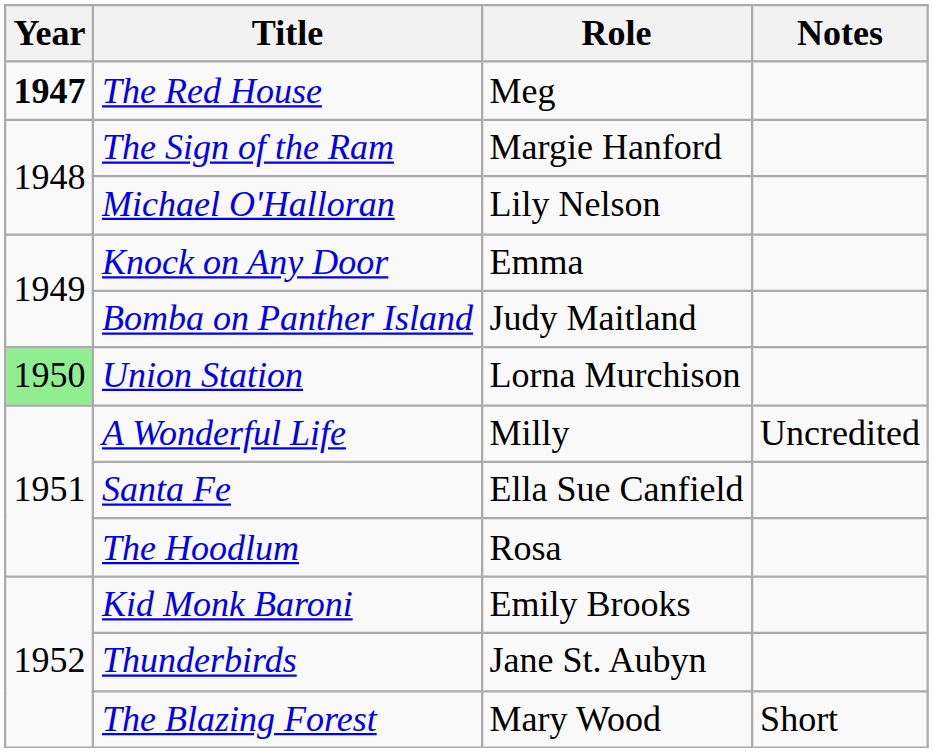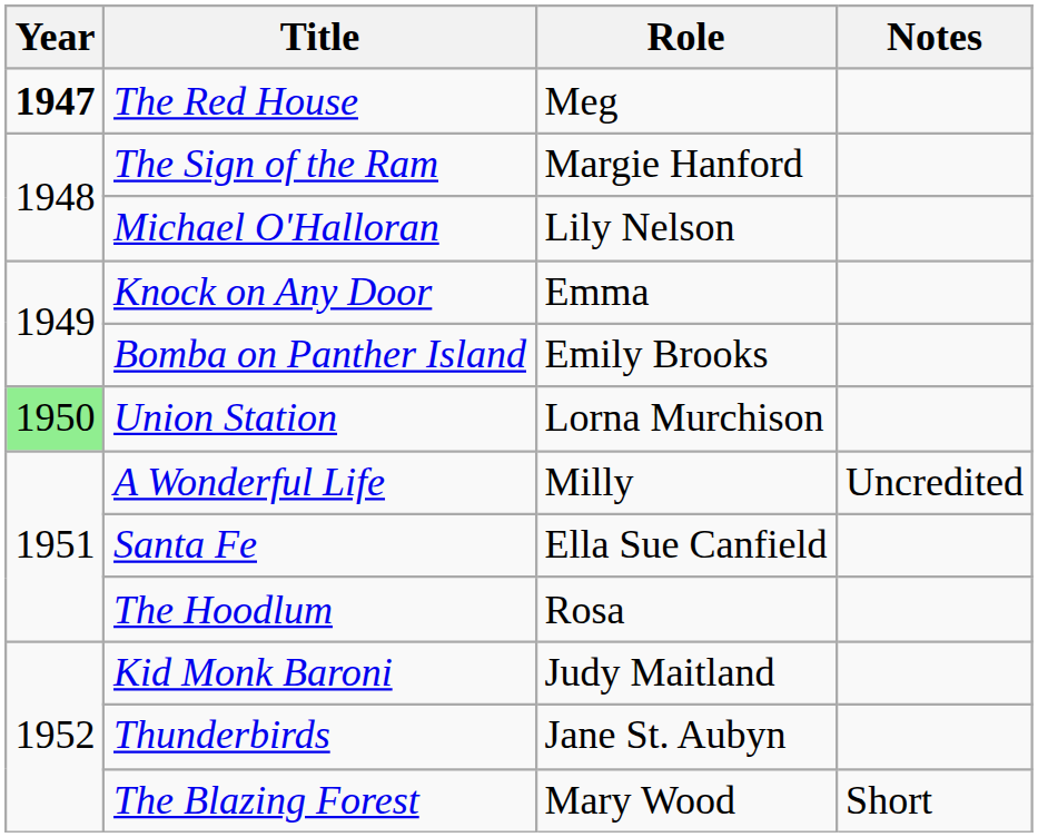 <table class="wikitable">
 <tr>
 <th>Year</th>
 <th>Title</th>
 <th>Role</th>
 <th>Notes</th>
 </tr>
 <tr>
 <td><strong>1947</strong></td>
 <td><em><a href='#'>The Red House</a></em></td>
 <td>Meg</td>
 <td></td>
 </tr>
 <tr>
 <td rowspan=2>1948</td>
 <td><em><a href='#'>The Sign of the Ram</a></em></td>
 <td>Margie Hanford</td>
 <td></td>
 </tr>
 <tr>
 <td><em><a href='#'>Michael O'Halloran</a></em></td>
 <td>Lily Nelson</td>
 <td></td>
 </tr>
 <tr>
 <td rowspan=2>1949</td>
 <td><em><a href='#'>Knock on Any Door</a></em></td>
 <td>Emma</td>
 <td></td>
 </tr>
 <tr>
 <td><em><a href='#'>Bomba on Panther Island</a></em></td>
-<td>Judy Maitland</td>
+<td>Emily Brooks</td>
 <td></td>
 </tr>
 <tr>
 <td style="background: lightgreen;">1950</td>
 <td><em><a href='#'>Union Station</a></em></td>
 <td>Lorna Murchison</td>
 <td></td>
 </tr>
 <tr>
 <td rowspan=3>1951</td>
 <td><em><a href='#'>A Wonderful Life</a></em></td>
 <td>Milly</td>
 <td>Uncredited</td>
 </tr>
 <tr>
 <td><em><a href='#'>Santa Fe</a></em></td>
 <td>Ella Sue Canfield</td>
 <td></td>
 </tr>
 <tr>
 <td><em><a href='#'>The Hoodlum</a></em></td>
 <td>Rosa</td>
 <td></td>
 </tr>
 <tr>
 <td rowspan=3>1952</td>
 <td><em><a href='#'>Kid Monk Baroni</a></em></td>
-<td>Emily Brooks</td>
+<td>Judy Maitland</td>
 <td></td>
 </tr>
 <tr>
 <td><em><a href='#'>Thunderbirds</a></em></td>
 <td>Jane St. Aubyn</td>
 <td></td>
 </tr>
 <tr>
 <td><em><a href='#'>The Blazing Forest</a></em></td>
 <td>Mary Wood</td>
 <td>Short</td>
 </tr>
 </table>
